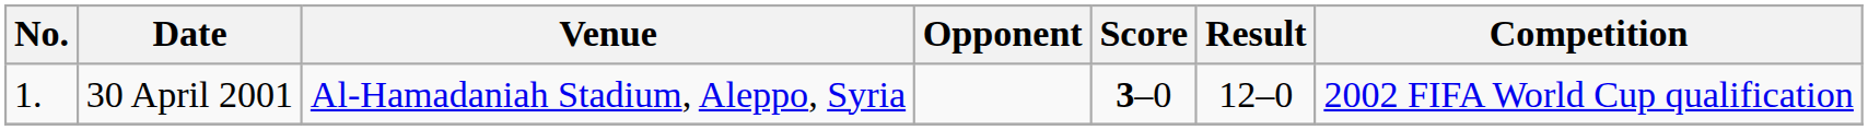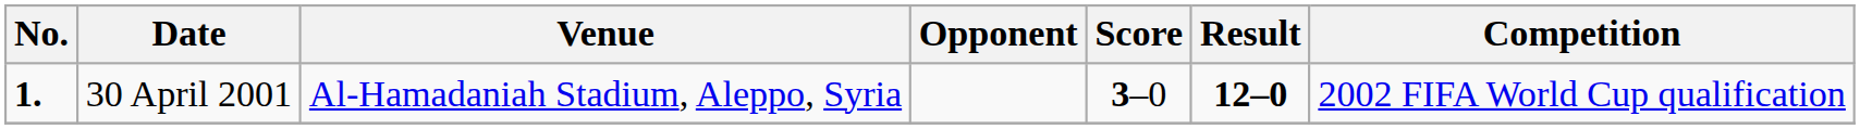 <table class="wikitable">
 <tr>
 <th>No.</th>
 <th>Date</th>
 <th>Venue</th>
 <th>Opponent</th>
 <th>Score</th>
 <th>Result</th>
 <th>Competition</th>
 </tr>
 <tr>
-<td>1.</td>
+<td><strong>1.</strong></td>
 <td>30 April 2001</td>
 <td><a href='#'>Al-Hamadaniah Stadium</a>, <a href='#'>Aleppo</a>, <a href='#'>Syria</a></td>
 <td></td>
 <td align=center><strong>3</strong>–0</td>
-<td align=center>12–0</td>
+<td align=center><strong>12–0</strong></td>
 <td><a href='#'>2002 FIFA World Cup qualification</a></td>
 </tr>
 <tr>
 </tr>
 </table>
